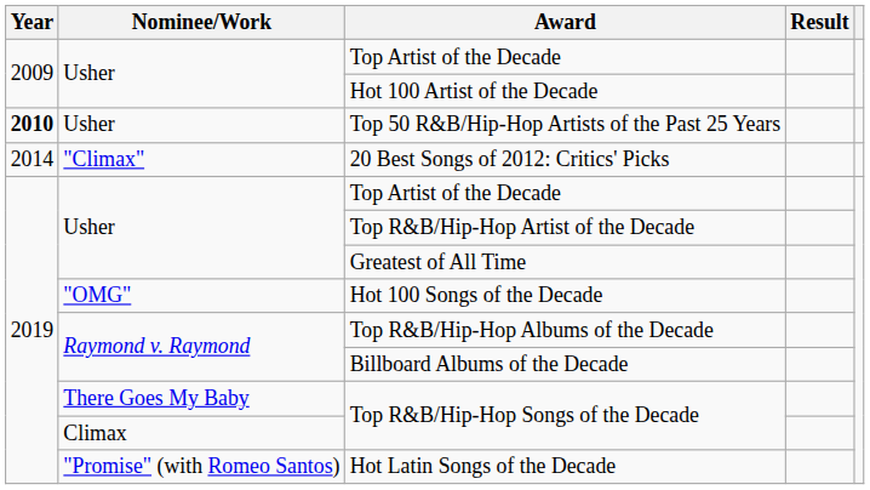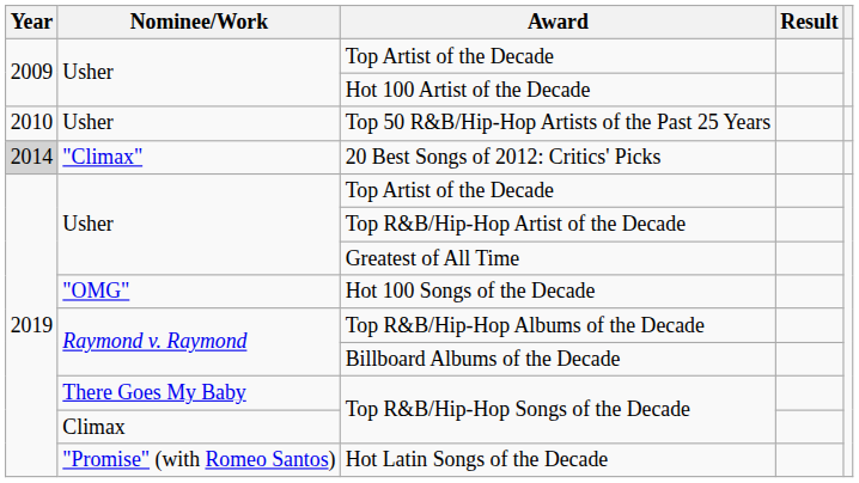 <table class="wikitable">
 <tr>
 <th>Year</th>
 <th>Nominee/Work</th>
 <th>Award</th>
 <th>Result</th>
 <th></th>
 </tr>
 <tr>
 <td rowspan="2">2009</td>
 <td rowspan="2">Usher</td>
 <td>Top Artist of the Decade</td>
 <td></td>
 <td style="text-align:center;" rowspan="2"></td>
 </tr>
 <tr>
 <td>Hot 100 Artist of the Decade</td>
 <td></td>
 </tr>
 <tr>
-<td><strong>2010</strong></td>
+<td>2010</td>
 <td>Usher</td>
 <td>Top 50 R&B/Hip-Hop Artists of the Past 25 Years</td>
 <td></td>
 <td style="text-align:center;"></td>
 </tr>
 <tr>
-<td>2014</td>
+<td style="background: lightgrey;">2014</td>
 <td><a href='#'>"Climax"</a></td>
 <td>20 Best Songs of 2012: Critics' Picks</td>
 <td></td>
 <td style="text-align:center;"></td>
 </tr>
 <tr>
 <td rowspan="9">2019</td>
 <td rowspan="3">Usher</td>
 <td>Top Artist of the Decade</td>
 <td></td>
 <td style="text-align:center;" rowspan="9"></td>
 </tr>
 <tr>
 <td>Top R&B/Hip-Hop Artist of the Decade</td>
 <td></td>
 </tr>
 <tr>
 <td>Greatest of All Time</td>
 <td></td>
 </tr>
 <tr>
 <td><a href='#'>"OMG"</a></td>
 <td>Hot 100 Songs of the Decade</td>
 <td></td>
 </tr>
 <tr>
 <td rowspan="2"><em><a href='#'>Raymond v. Raymond</a></em></td>
 <td>Top R&B/Hip-Hop Albums of the Decade</td>
 <td></td>
 </tr>
 <tr>
 <td>Billboard Albums of the Decade</td>
 <td></td>
 </tr>
 <tr>
 <td><a href='#'>There Goes My Baby</a></td>
 <td rowspan="2">Top R&B/Hip-Hop Songs of the Decade</td>
 <td></td>
 </tr>
 <tr>
 <td>Climax</td>
 <td></td>
 </tr>
 <tr>
 <td><a href='#'>"Promise"</a> (with <a href='#'>Romeo Santos</a>)</td>
 <td>Hot Latin Songs of the Decade</td>
 <td></td>
 </tr>
 </table>
